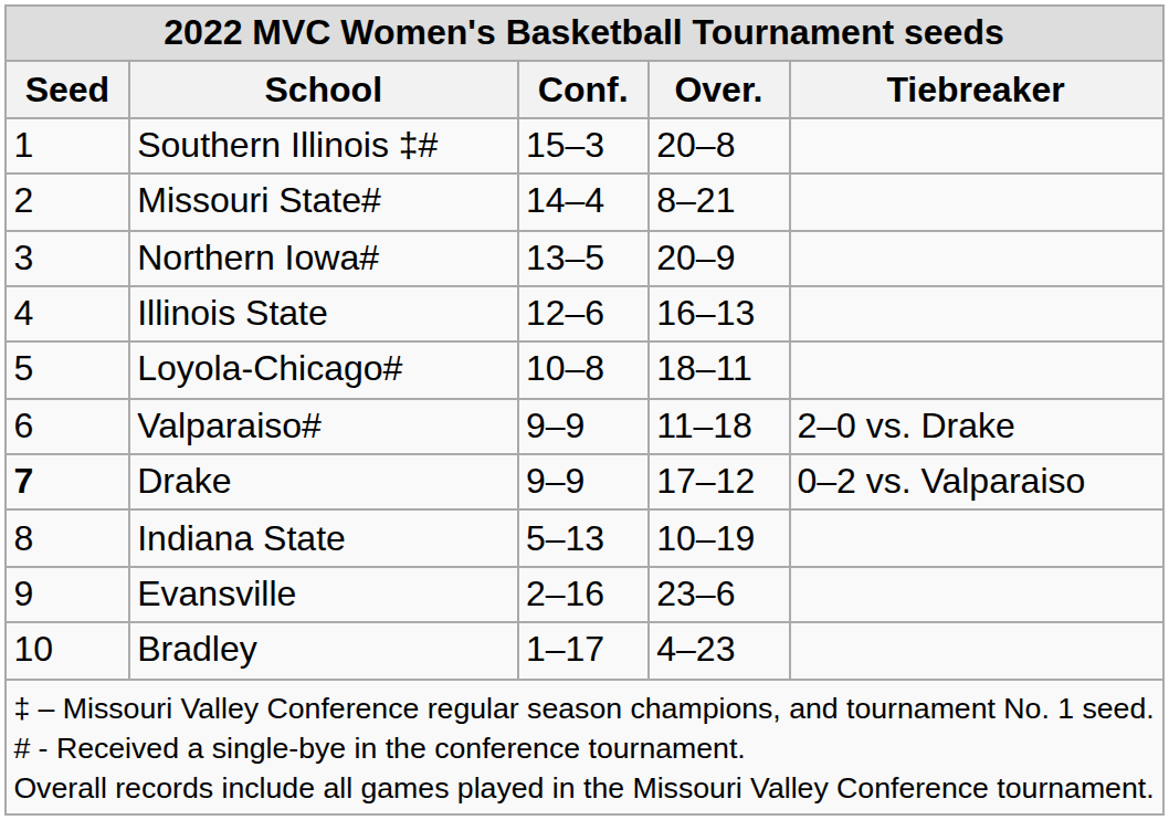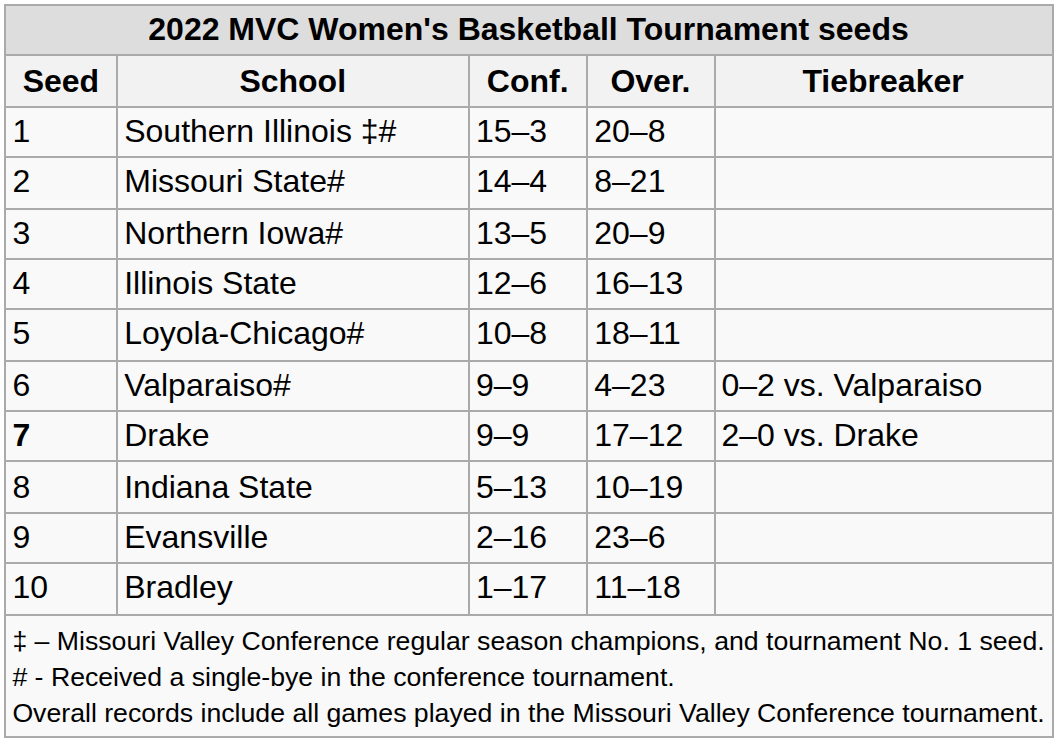 <table class="wikitable" font-size:70%;">
 <tr>
 <td colspan="5" style="text-align:center; background:#DDDDDD; font:#000000"><strong>2022 MVC Women's Basketball Tournament seeds</strong></td>
 </tr>
 <tr bgcolor="#efefef">
 <th>Seed</th>
 <th>School</th>
 <th>Conf.</th>
 <th>Over.</th>
 <th>Tiebreaker</th>
 </tr>
 <tr>
 <td>1</td>
 <td>Southern Illinois ‡#</td>
 <td>15–3</td>
 <td>20–8</td>
 <td></td>
 </tr>
 <tr>
 <td>2</td>
 <td>Missouri State#</td>
 <td>14–4</td>
 <td>8–21</td>
 <td></td>
 </tr>
 <tr>
 <td>3</td>
 <td>Northern Iowa#</td>
 <td>13–5</td>
 <td>20–9</td>
 <td></td>
 </tr>
 <tr>
 <td>4</td>
 <td>Illinois State</td>
 <td>12–6</td>
 <td>16–13</td>
 <td></td>
 </tr>
 <tr>
 <td>5</td>
 <td>Loyola-Chicago#</td>
 <td>10–8</td>
 <td>18–11</td>
 <td></td>
 </tr>
 <tr>
 <td>6</td>
 <td>Valparaiso#</td>
 <td>9–9</td>
-<td>11–18</td>
-<td>2–0 vs. Drake</td>
+<td>4–23</td>
+<td>0–2 vs. Valparaiso</td>
 </tr>
 <tr>
 <td><strong>7</strong></td>
 <td>Drake</td>
 <td>9–9</td>
 <td>17–12</td>
-<td>0–2 vs. Valparaiso</td>
+<td>2–0 vs. Drake</td>
 </tr>
 <tr>
 <td>8</td>
 <td>Indiana State</td>
 <td>5–13</td>
 <td>10–19</td>
 <td></td>
 </tr>
 <tr>
 <td>9</td>
 <td>Evansville</td>
 <td>2–16</td>
 <td>23–6</td>
 <td></td>
 </tr>
 <tr>
 <td>10</td>
 <td>Bradley</td>
 <td>1–17</td>
-<td>4–23</td>
+<td>11–18</td>
 <td></td>
 </tr>
 <tr>
 <td colspan="5" style="text-align:left;"><small>‡ – Missouri Valley Conference regular season champions, and tournament No. 1 seed.<br># - Received a single-bye in the conference tournament.<br>Overall records include all games played in the Missouri Valley Conference tournament.</small></td>
 </tr>
 <tr>
 </tr>
 </table>
